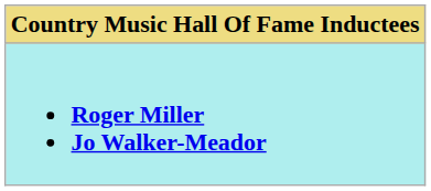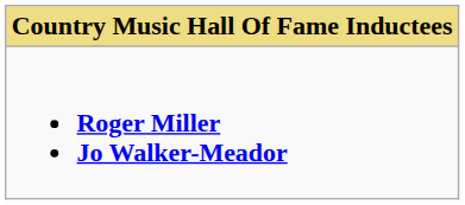 <table class="wikitable">
 <tr>
 <th style="background:#EEDD82; width=50%">Country Music Hall Of Fame Inductees</th>
 </tr>
 <tr>
-<td valign="top" style="background: paleturquoise;"><br><ul><li><strong><a href='#'>Roger Miller</a></strong></li><li><strong><a href='#'>Jo Walker-Meador</a></strong></li></ul></td>
+<td valign="top"><br><ul><li><strong><a href='#'>Roger Miller</a></strong></li><li><strong><a href='#'>Jo Walker-Meador</a></strong></li></ul></td>
 </tr>
 </table>
